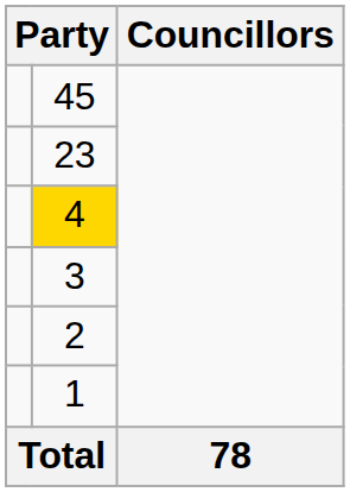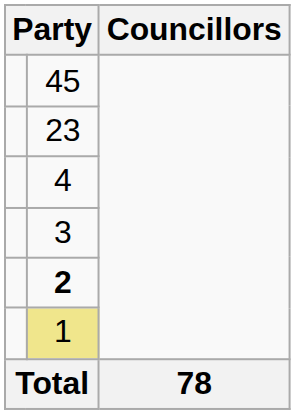 <table class="wikitable">
 <tr>
 <th colspan=2>Party</th>
 <th>Councillors</th>
 </tr>
 <tr>
 <td></td>
 <td align=center>45</td>
 </tr>
 <tr>
 <td></td>
 <td align=center>23</td>
 </tr>
 <tr>
 <td></td>
-<td align=center style="background: gold;">4</td>
+<td align=center>4</td>
 </tr>
 <tr>
 <td></td>
 <td align=center>3</td>
 </tr>
 <tr>
 <td></td>
-<td align=center>2</td>
+<td align=center><strong>2</strong></td>
 </tr>
 <tr>
 <td></td>
-<td align=center>1</td>
+<td align=center style="background: khaki;">1</td>
 </tr>
 <tr>
 <th colspan=2>Total</th>
 <th align=center>78</th>
 </tr>
 </table>
